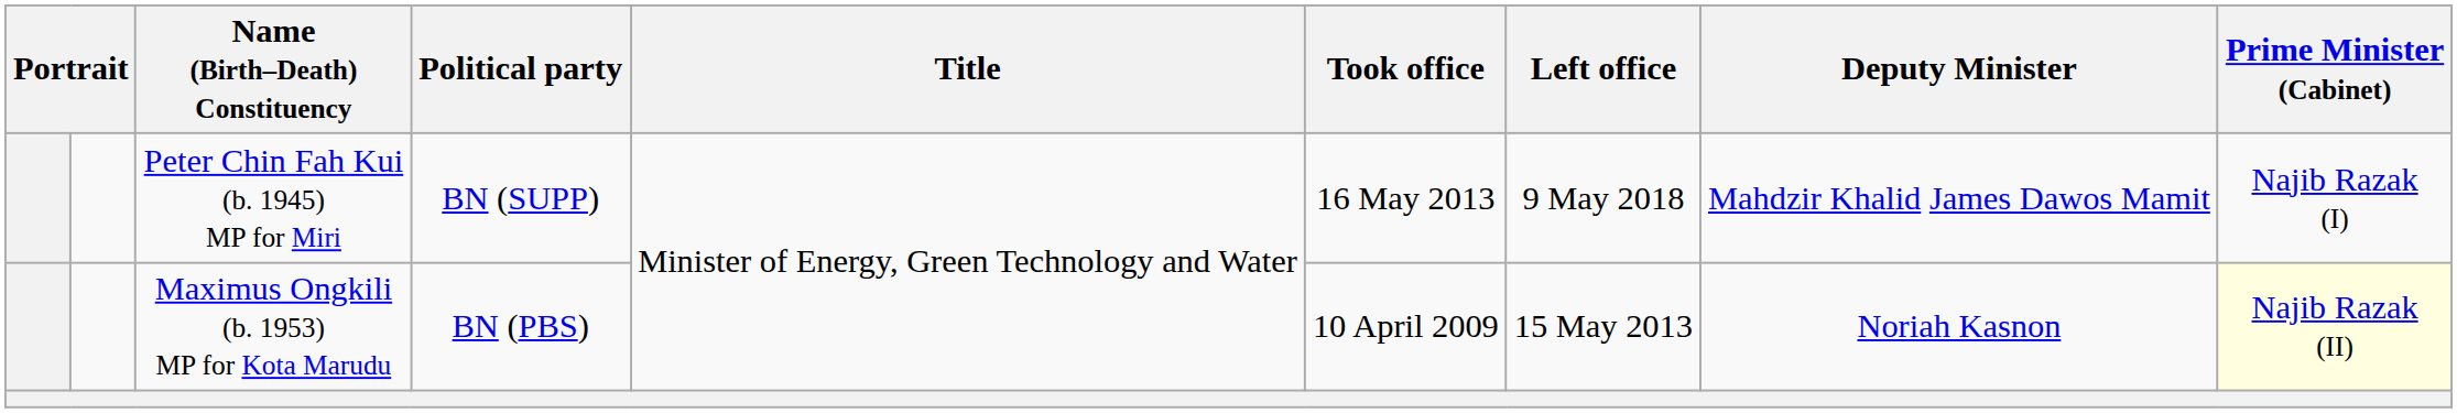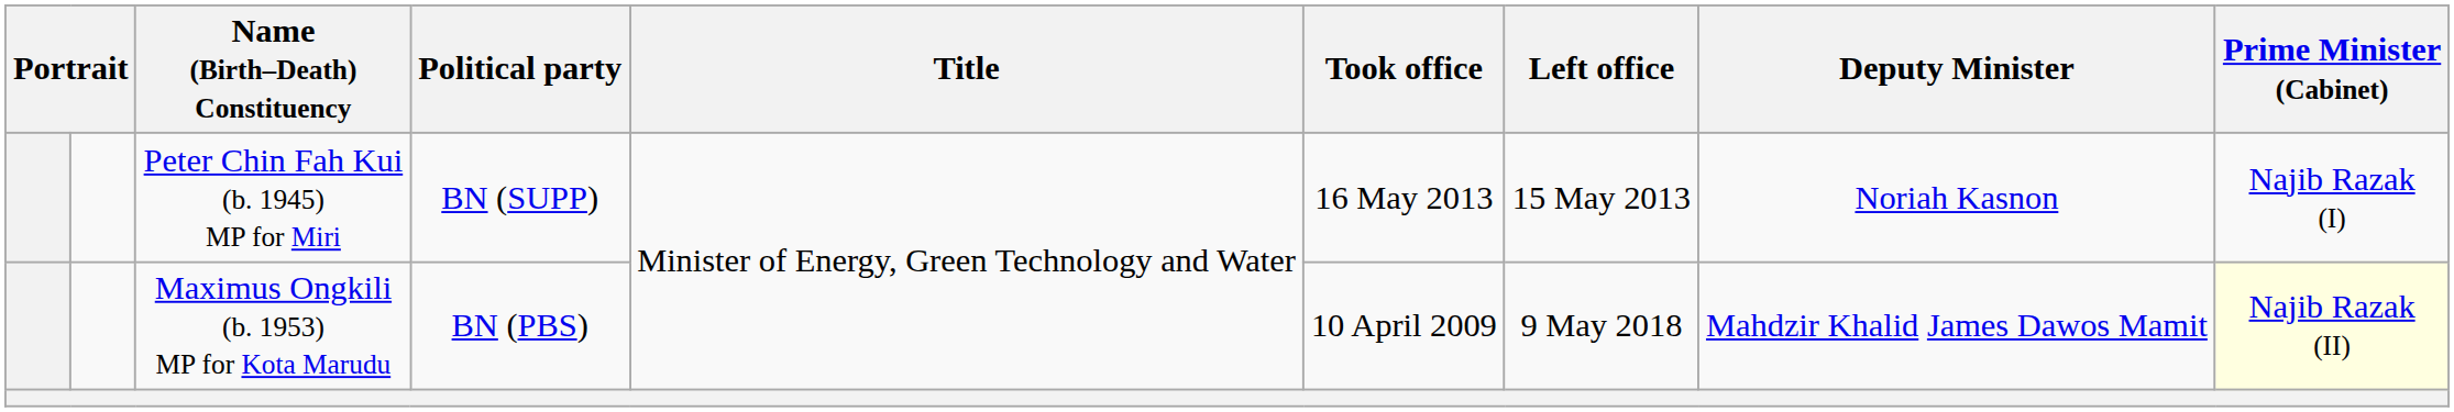 <table class="wikitable" style="text-align:center;">
 <tr>
 <th colspan=2>Portrait</th>
 <th>Name<br><small>(Birth–Death)<br>Constituency</small></th>
 <th>Political party</th>
 <th>Title</th>
 <th>Took office</th>
 <th>Left office</th>
 <th>Deputy Minister</th>
 <th><a href='#'>Prime Minister</a><br><small>(Cabinet)</small></th>
 </tr>
 <tr>
 <th style="background:"></th>
 <td></td>
 <td><a href='#'>Peter Chin Fah Kui</a><br><small>(b. 1945)<br>MP for <a href='#'>Miri</a></small></td>
 <td><a href='#'>BN</a> (<a href='#'>SUPP</a>)</td>
 <td rowspan=2>Minister of Energy, Green Technology and Water</td>
 <td>16 May 2013</td>
-<td>9 May 2018</td>
-<td><a href='#'>Mahdzir Khalid</a> <a href='#'>James Dawos Mamit</a> </td>
+<td>15 May 2013</td>
+<td><a href='#'>Noriah Kasnon</a></td>
 <td><a href='#'>Najib Razak</a><br><small>(I)</small></td>
 </tr>
 <tr>
 <th style="background:"></th>
 <td></td>
 <td><a href='#'>Maximus Ongkili</a><br><small>(b. 1953)<br>MP for <a href='#'>Kota Marudu</a></small></td>
 <td><a href='#'>BN</a> (<a href='#'>PBS</a>)</td>
 <td>10 April 2009</td>
-<td>15 May 2013</td>
-<td><a href='#'>Noriah Kasnon</a></td>
+<td>9 May 2018</td>
+<td><a href='#'>Mahdzir Khalid</a> <a href='#'>James Dawos Mamit</a> </td>
 <td style="background: lightyellow;"><a href='#'>Najib Razak</a><br><small>(II)</small></td>
 </tr>
 <tr>
 <th colspan="9" bgcolor="cccccc"></th>
 </tr>
 </table>
